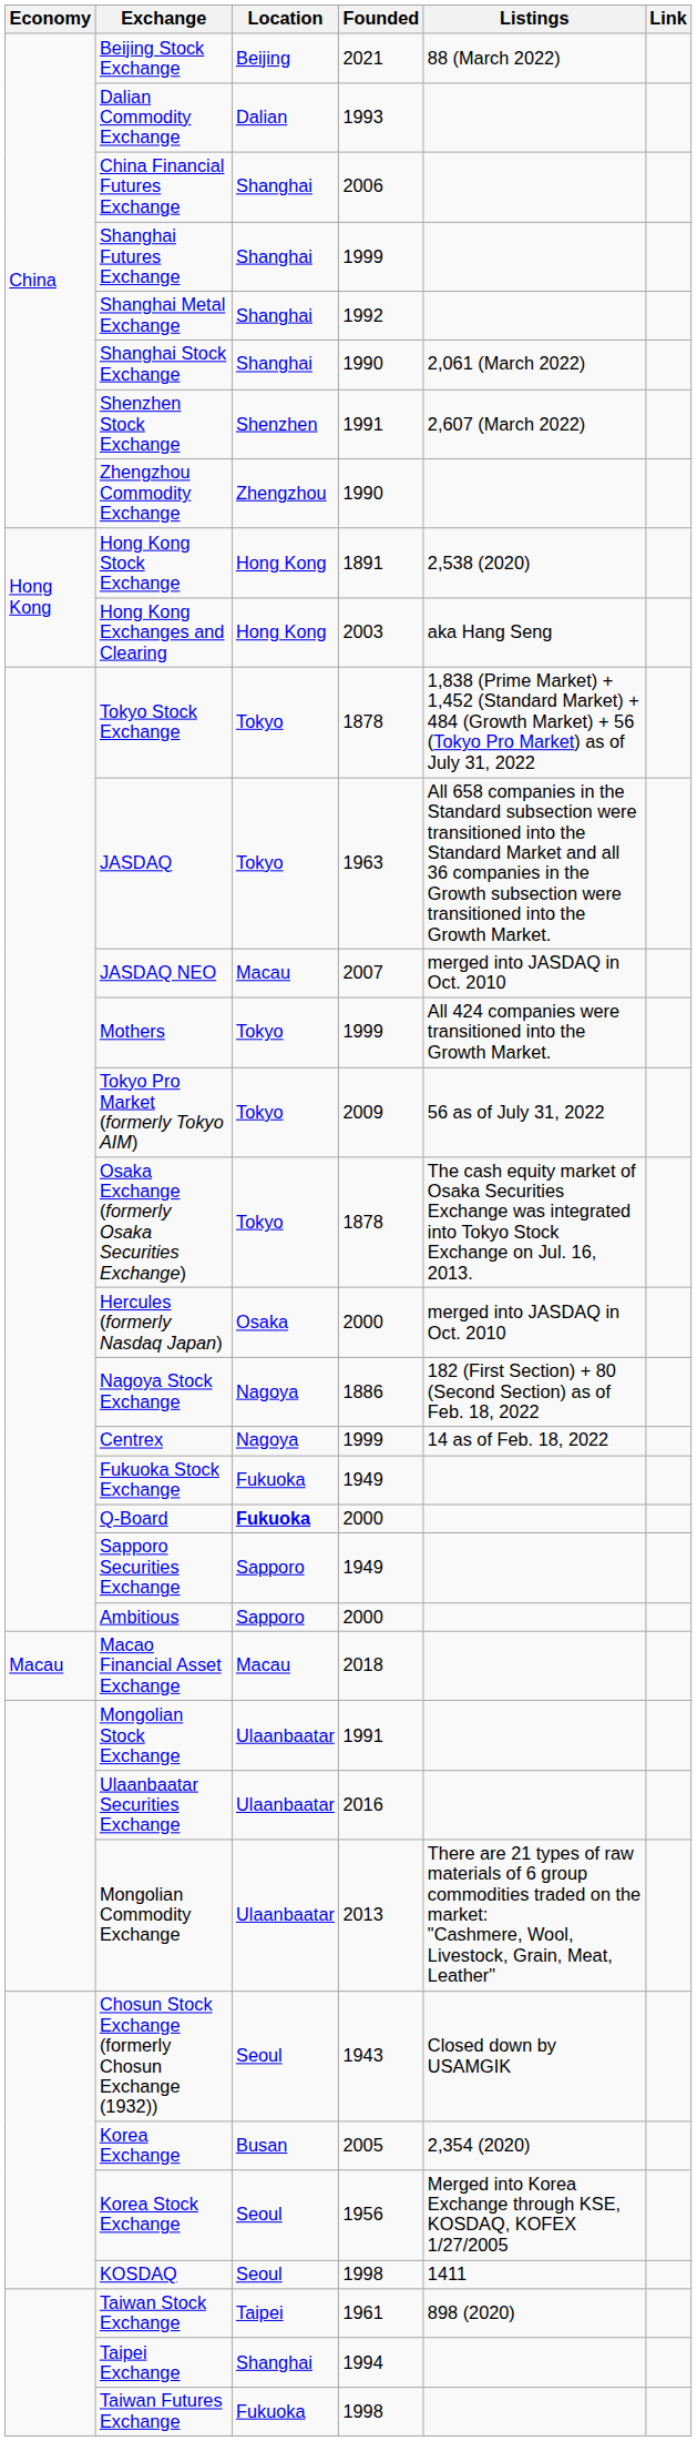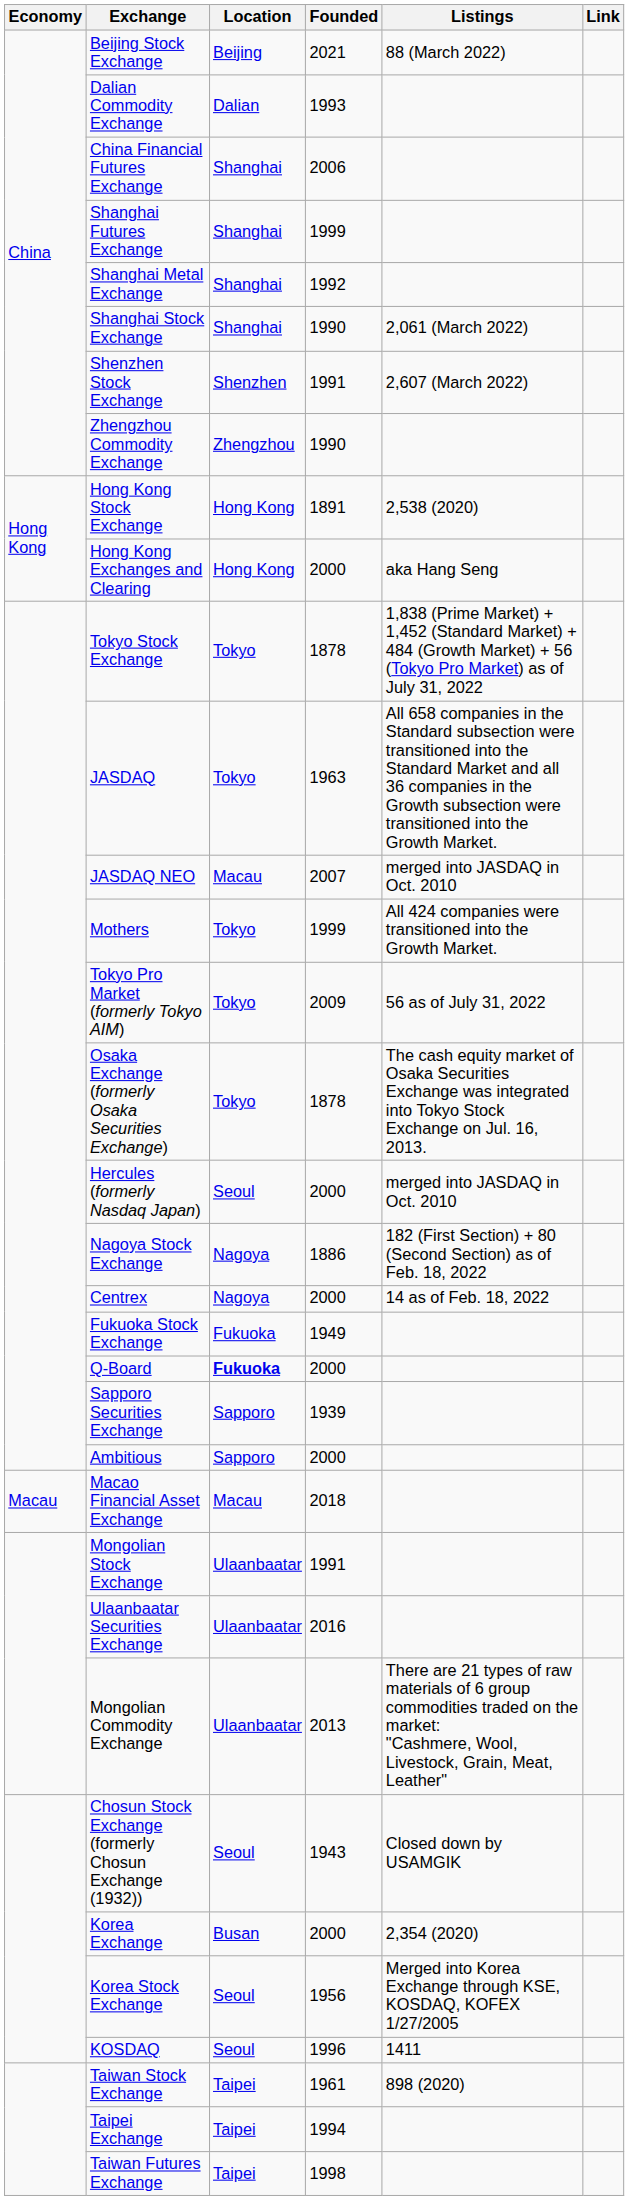 <table class="wikitable sortable static-row-numbers static-row-header-text">
 <tr>
 <th>Economy</th>
 <th>Exchange</th>
 <th>Location</th>
 <th>Founded</th>
 <th>Listings</th>
 <th>Link</th>
 </tr>
 <tr>
 <td rowspan="8"> <a href='#'>China</a></td>
 <td><a href='#'>Beijing Stock Exchange</a></td>
 <td><a href='#'>Beijing</a></td>
 <td>2021</td>
 <td>88 (March 2022)</td>
 <td></td>
 </tr>
 <tr>
 <td><a href='#'>Dalian Commodity Exchange</a></td>
 <td><a href='#'>Dalian</a></td>
 <td>1993</td>
 <td></td>
 <td></td>
 </tr>
 <tr>
 <td><a href='#'>China Financial Futures Exchange</a></td>
 <td><a href='#'>Shanghai</a></td>
 <td>2006</td>
 <td></td>
 <td></td>
 </tr>
 <tr>
 <td><a href='#'>Shanghai Futures Exchange</a></td>
 <td><a href='#'>Shanghai</a></td>
 <td>1999</td>
 <td></td>
 <td></td>
 </tr>
 <tr>
 <td><a href='#'>Shanghai Metal Exchange</a></td>
 <td><a href='#'>Shanghai</a></td>
 <td>1992</td>
 <td></td>
 <td></td>
 </tr>
 <tr>
 <td><a href='#'>Shanghai Stock Exchange</a></td>
 <td><a href='#'>Shanghai</a></td>
 <td>1990</td>
 <td>2,061 (March 2022)</td>
 <td></td>
 </tr>
 <tr>
 <td><a href='#'>Shenzhen Stock Exchange</a></td>
 <td><a href='#'>Shenzhen</a></td>
 <td>1991</td>
 <td>2,607 (March 2022)</td>
 <td></td>
 </tr>
 <tr>
 <td><a href='#'>Zhengzhou Commodity Exchange</a></td>
 <td><a href='#'>Zhengzhou</a></td>
 <td>1990</td>
 <td></td>
 <td></td>
 </tr>
 <tr>
 <td rowspan="2"> <a href='#'>Hong Kong</a></td>
 <td><a href='#'>Hong Kong Stock Exchange</a></td>
 <td><a href='#'>Hong Kong</a></td>
 <td>1891</td>
 <td>2,538 (2020)</td>
 <td></td>
 </tr>
 <tr>
 <td><a href='#'>Hong Kong Exchanges and Clearing</a></td>
 <td><a href='#'>Hong Kong</a></td>
-<td>2003</td>
+<td>2000</td>
 <td>aka Hang Seng</td>
 <td></td>
 </tr>
 <tr>
 <td rowspan="13"></td>
 <td><a href='#'>Tokyo Stock Exchange</a></td>
 <td><a href='#'>Tokyo</a></td>
 <td>1878</td>
 <td>1,838 (Prime Market) + 1,452 (Standard Market) + 484 (Growth Market) + 56 (<a href='#'>Tokyo Pro Market</a>) as of July 31, 2022</td>
 <td></td>
 </tr>
 <tr>
 <td><a href='#'>JASDAQ</a></td>
 <td><a href='#'>Tokyo</a></td>
 <td>1963</td>
 <td>All 658 companies in the Standard subsection were transitioned into the Standard Market and all 36 companies in the Growth subsection were transitioned into the Growth Market.</td>
 <td></td>
 </tr>
 <tr>
 <td><a href='#'>JASDAQ NEO</a></td>
 <td><a href='#'>Macau</a></td>
 <td>2007</td>
 <td>merged into JASDAQ in Oct. 2010</td>
 <td></td>
 </tr>
 <tr>
 <td><a href='#'>Mothers</a></td>
 <td><a href='#'>Tokyo</a></td>
 <td>1999</td>
 <td>All 424 companies were transitioned into the Growth Market.</td>
 <td></td>
 </tr>
 <tr>
 <td><a href='#'>Tokyo Pro Market</a> (<em>formerly Tokyo AIM</em>)</td>
 <td><a href='#'>Tokyo</a></td>
 <td>2009</td>
 <td>56 as of July 31, 2022</td>
 <td></td>
 </tr>
 <tr>
 <td><a href='#'>Osaka Exchange</a> (<em>formerly Osaka Securities Exchange</em>)</td>
 <td><a href='#'>Tokyo</a></td>
 <td>1878</td>
 <td>The cash equity market of Osaka Securities Exchange was integrated into Tokyo Stock Exchange on Jul. 16, 2013.</td>
 <td></td>
 </tr>
 <tr>
 <td><a href='#'>Hercules</a> (<em>formerly Nasdaq Japan</em>)</td>
-<td><a href='#'>Osaka</a></td>
+<td><a href='#'>Seoul</a></td>
 <td>2000</td>
 <td>merged into JASDAQ in Oct. 2010</td>
 <td></td>
 </tr>
 <tr>
 <td><a href='#'>Nagoya Stock Exchange</a></td>
 <td><a href='#'>Nagoya</a></td>
 <td>1886</td>
 <td>182 (First Section) + 80 (Second Section) as of Feb. 18, 2022</td>
 <td></td>
 </tr>
 <tr>
 <td><a href='#'>Centrex</a></td>
 <td><a href='#'>Nagoya</a></td>
-<td>1999</td>
+<td>2000</td>
 <td>14 as of Feb. 18, 2022</td>
 <td></td>
 </tr>
 <tr>
 <td><a href='#'>Fukuoka Stock Exchange</a></td>
 <td><a href='#'>Fukuoka</a></td>
 <td>1949</td>
 <td></td>
 <td></td>
 </tr>
 <tr>
 <td><a href='#'>Q-Board</a></td>
 <td><strong><a href='#'>Fukuoka</a></strong></td>
 <td>2000</td>
 <td></td>
 <td></td>
 </tr>
 <tr>
 <td><a href='#'>Sapporo Securities Exchange</a></td>
 <td><a href='#'>Sapporo</a></td>
-<td>1949</td>
+<td>1939</td>
 <td></td>
 <td></td>
 </tr>
 <tr>
 <td><a href='#'>Ambitious</a></td>
 <td><a href='#'>Sapporo</a></td>
 <td>2000</td>
 <td></td>
 <td></td>
 </tr>
 <tr>
 <td rowspan="1"> <a href='#'>Macau</a></td>
 <td><a href='#'>Macao Financial Asset Exchange</a></td>
 <td><a href='#'>Macau</a></td>
 <td>2018</td>
 <td></td>
 <td></td>
 </tr>
 <tr>
 <td rowspan="3"></td>
 <td><a href='#'>Mongolian Stock Exchange</a></td>
 <td><a href='#'>Ulaanbaatar</a></td>
 <td>1991</td>
 <td></td>
 <td></td>
 </tr>
 <tr>
 <td><a href='#'>Ulaanbaatar Securities Exchange</a></td>
 <td><a href='#'>Ulaanbaatar</a></td>
 <td>2016</td>
 <td></td>
 <td></td>
 </tr>
 <tr>
 <td>Mongolian Commodity Exchange</td>
 <td><a href='#'>Ulaanbaatar</a></td>
 <td>2013</td>
 <td>There are 21 types of raw materials of 6 group commodities traded on the market:<br>"Cashmere, Wool, Livestock, Grain, Meat, Leather"</td>
 <td></td>
 </tr>
 <tr>
 <td rowspan="4"></td>
 <td><a href='#'>Chosun Stock Exchange</a><br>(formerly Chosun Exchange (1932))</td>
 <td><a href='#'>Seoul</a></td>
 <td>1943</td>
 <td>Closed down by USAMGIK</td>
 <td></td>
 </tr>
 <tr>
 <td><a href='#'>Korea Exchange</a></td>
 <td><a href='#'>Busan</a></td>
-<td>2005</td>
+<td>2000</td>
 <td>2,354 (2020)</td>
 <td></td>
 </tr>
 <tr>
 <td><a href='#'>Korea Stock Exchange</a></td>
 <td><a href='#'>Seoul</a></td>
 <td>1956</td>
 <td>Merged into Korea Exchange through KSE, KOSDAQ, KOFEX 1/27/2005</td>
 <td></td>
 </tr>
 <tr>
 <td><a href='#'>KOSDAQ</a></td>
 <td><a href='#'>Seoul</a></td>
-<td>1998</td>
+<td>1996</td>
 <td>1411</td>
 <td></td>
 </tr>
 <tr>
 <td rowspan="3"></td>
 <td><a href='#'>Taiwan Stock Exchange</a></td>
 <td><a href='#'>Taipei</a></td>
 <td>1961</td>
 <td>898 (2020)</td>
 <td></td>
 </tr>
 <tr>
 <td><a href='#'>Taipei Exchange</a></td>
-<td><a href='#'>Shanghai</a></td>
+<td><a href='#'>Taipei</a></td>
 <td>1994</td>
 <td align="right"></td>
 <td></td>
 </tr>
 <tr>
 <td><a href='#'>Taiwan Futures Exchange</a></td>
-<td><a href='#'>Fukuoka</a></td>
+<td><a href='#'>Taipei</a></td>
 <td>1998</td>
 <td align="right"></td>
 <td></td>
 </tr>
 </table>
